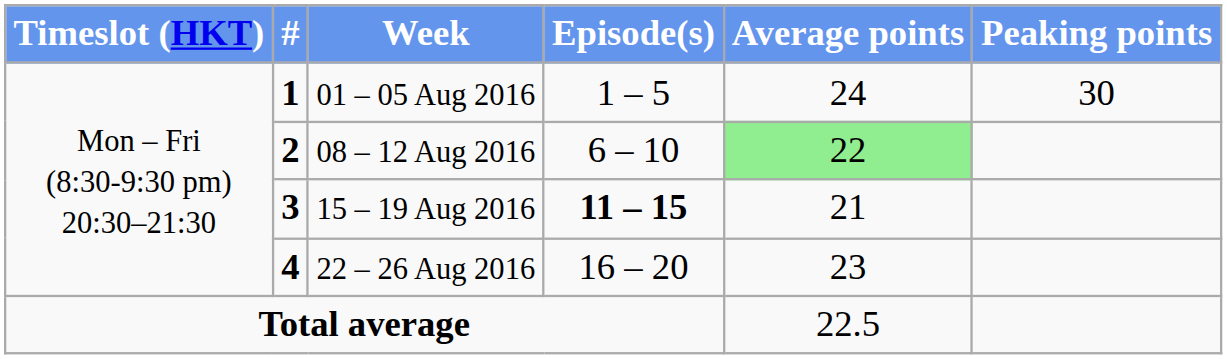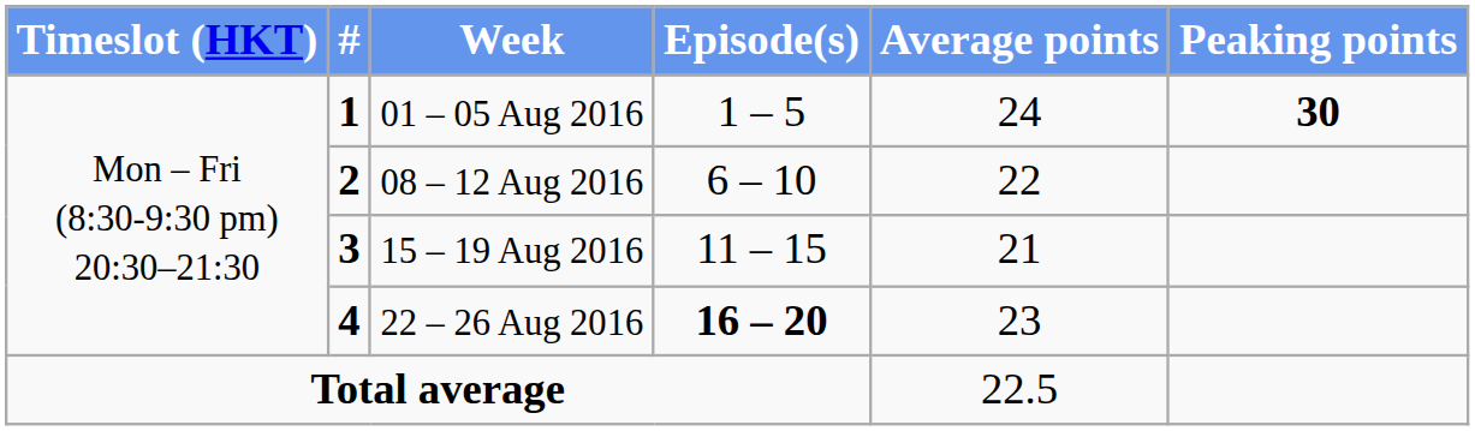 <table class="wikitable" style="text-align:center;">
 <tr>
 <th style="background:cornflowerblue; color:white;">Timeslot (<a href='#'>HKT</a>)</th>
 <th style="background:cornflowerblue; color:white;">#</th>
 <th style="background:cornflowerblue; color:white;">Week</th>
 <th style="background:cornflowerblue; color:white;">Episode(s)</th>
 <th style="background:cornflowerblue; color:white;">Average points</th>
 <th style="background:cornflowerblue; color:white;">Peaking points</th>
 </tr>
 <tr>
 <td rowspan="4"><small>Mon – Fri<br>(8:30-9:30 pm)<br>20:30–21:30</small></td>
 <td><strong>1</strong></td>
 <td><small>01 – 05 Aug 2016</small></td>
 <td>1 – 5</td>
 <td>24</td>
-<td>30</td>
+<td><strong>30</strong></td>
 </tr>
 <tr>
 <td><strong>2</strong></td>
 <td><small>08 – 12 Aug 2016</small></td>
 <td>6 – 10</td>
-<td style="background: lightgreen;">22</td>
+<td>22</td>
 <td></td>
 </tr>
 <tr>
 <td><strong>3</strong></td>
 <td><small>15 – 19 Aug 2016</small></td>
-<td><strong>11 – 15</strong></td>
+<td>11 – 15</td>
 <td>21</td>
 <td></td>
 </tr>
 <tr>
 <td><strong>4</strong></td>
 <td><small>22 – 26 Aug 2016</small></td>
-<td>16 – 20</td>
+<td><strong>16 – 20</strong></td>
 <td>23</td>
 <td></td>
 </tr>
 <tr>
 <td colspan="4"><strong>Total average</strong></td>
 <td>22.5</td>
 <td></td>
 </tr>
 </table>
